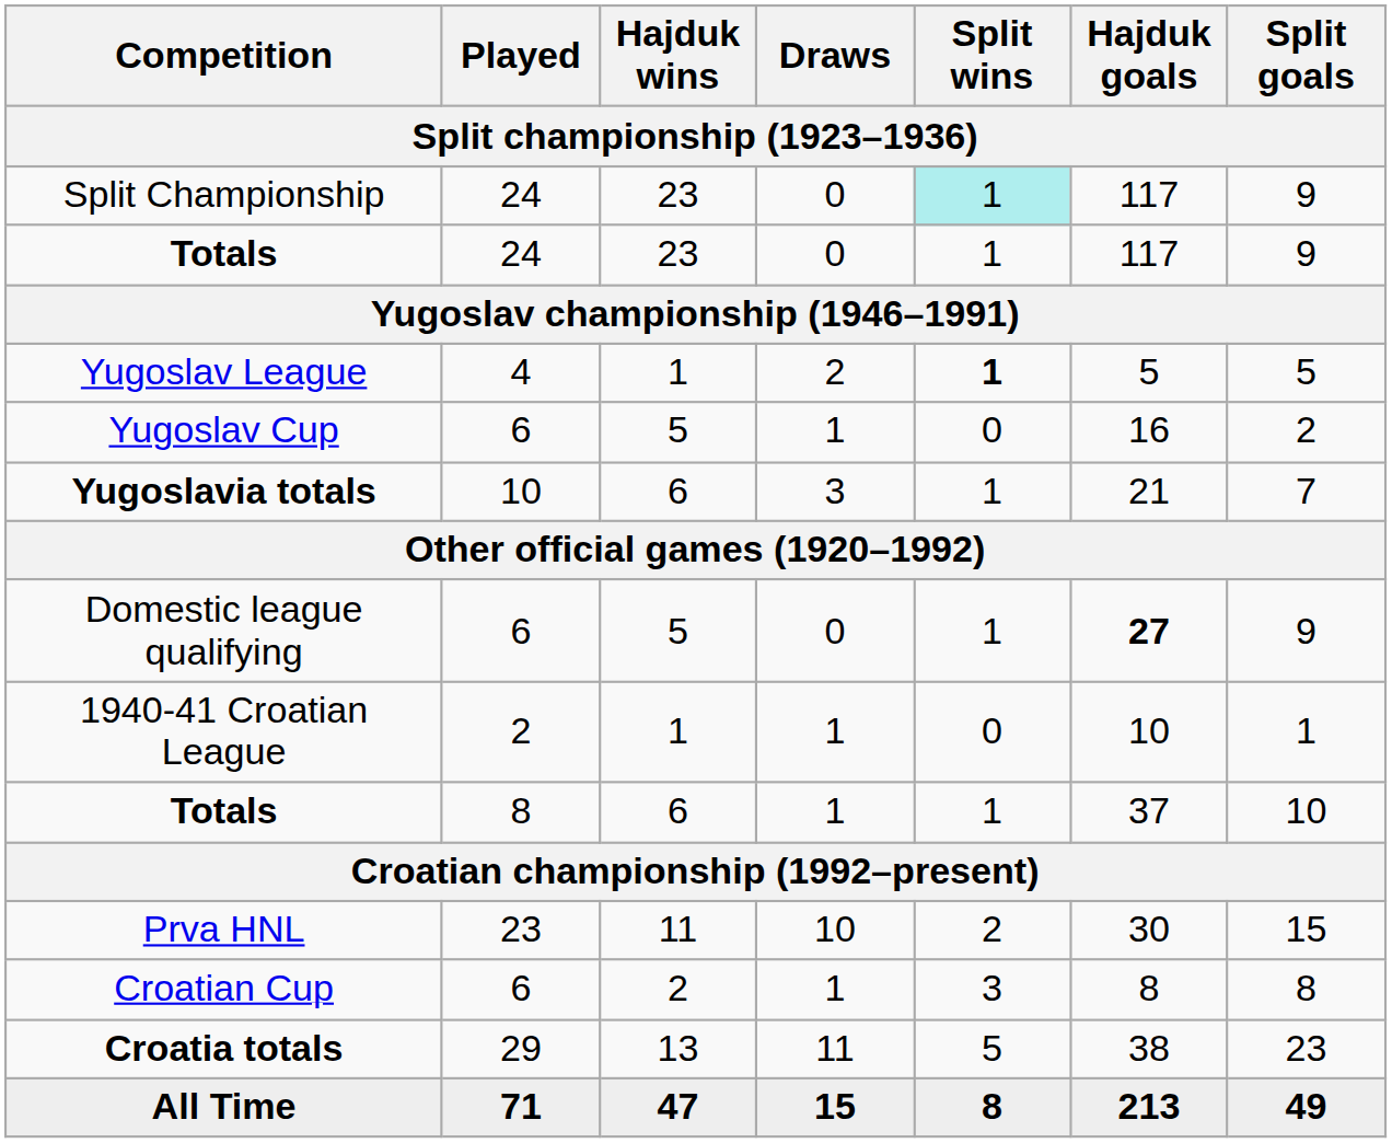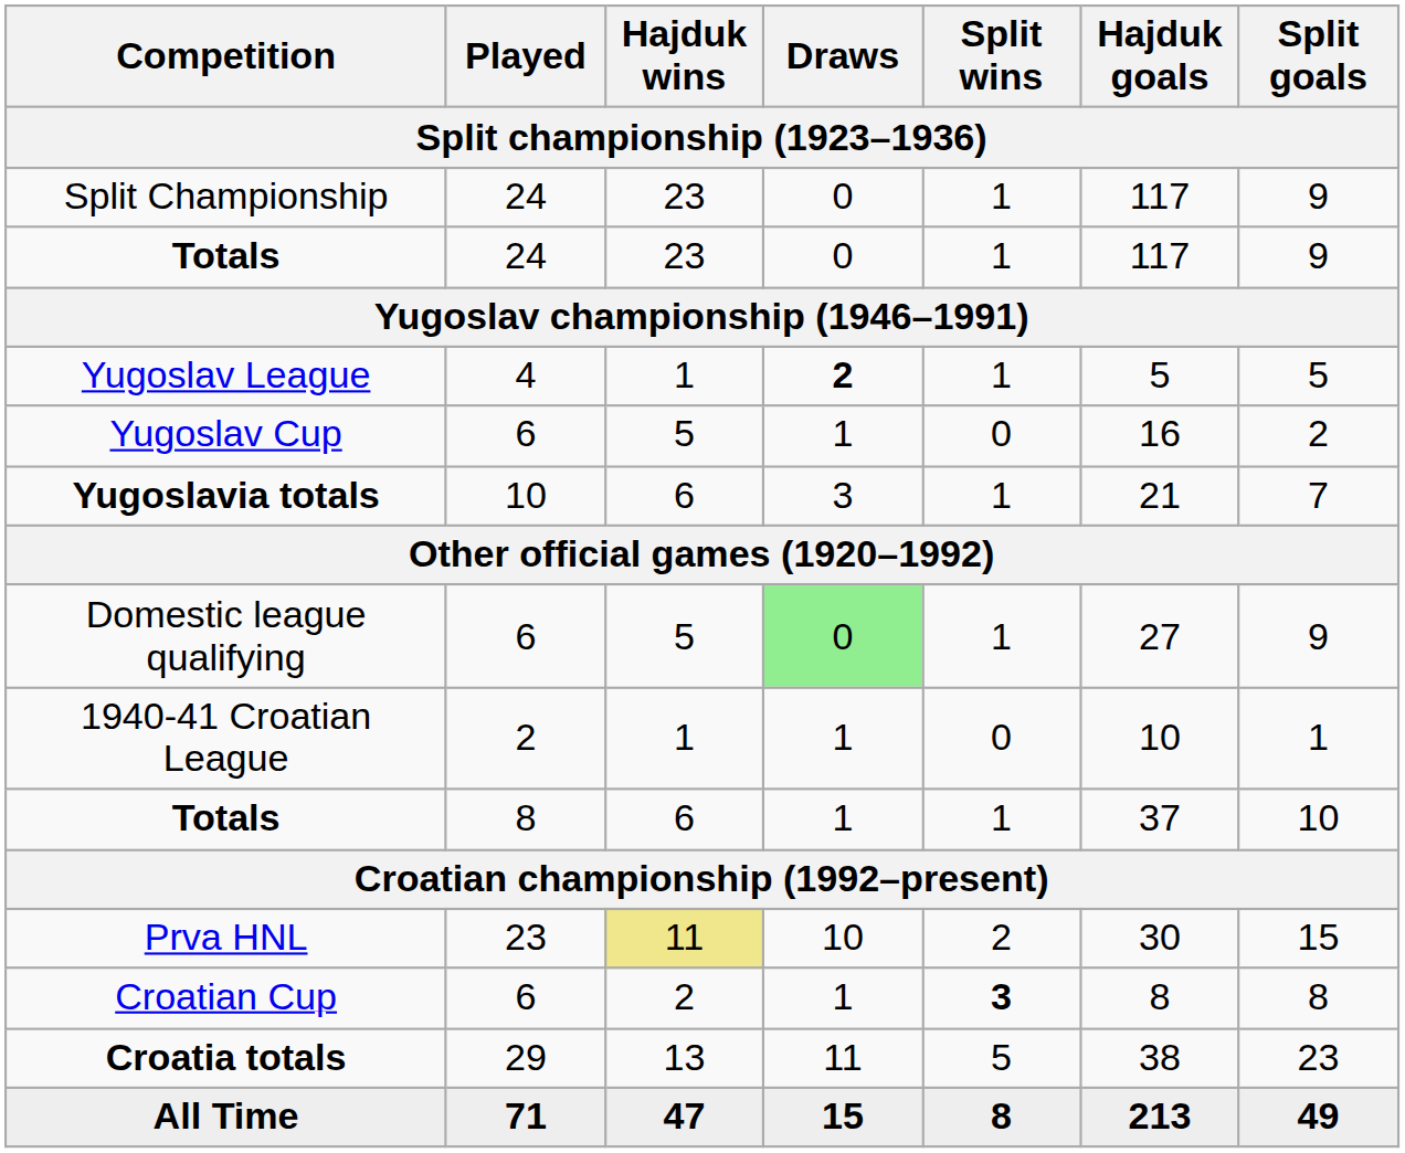 <table class="wikitable" style="text-align: center">
 <tr>
 <th width="180">Competition</th>
 <th width="60">Played</th>
 <th width="60">Hajduk wins</th>
 <th width="60">Draws</th>
 <th width="60">Split wins</th>
 <th width="60">Hajduk goals</th>
 <th width="60">Split goals</th>
 </tr>
 <tr>
 <th colspan="7">Split championship (1923–1936)</th>
 </tr>
 <tr>
 <td>Split Championship</td>
 <td>24</td>
 <td>23</td>
 <td>0</td>
-<td style="background: paleturquoise;">1</td>
+<td>1</td>
 <td>117</td>
 <td>9</td>
 </tr>
 <tr>
 <td><strong>Totals</strong></td>
 <td>24</td>
 <td>23</td>
 <td>0</td>
 <td>1</td>
 <td>117</td>
 <td>9</td>
 </tr>
 <tr>
 <th colspan="7">Yugoslav championship (1946–1991)</th>
 </tr>
 <tr>
 <td><a href='#'>Yugoslav League</a></td>
 <td>4</td>
 <td>1</td>
-<td>2</td>
-<td><strong>1</strong></td>
+<td><strong>2</strong></td>
+<td>1</td>
 <td>5</td>
 <td>5</td>
 </tr>
 <tr>
 <td><a href='#'>Yugoslav Cup</a></td>
 <td>6</td>
 <td>5</td>
 <td>1</td>
 <td>0</td>
 <td>16</td>
 <td>2</td>
 </tr>
 <tr>
 <td><strong>Yugoslavia totals</strong></td>
 <td>10</td>
 <td>6</td>
 <td>3</td>
 <td>1</td>
 <td>21</td>
 <td>7</td>
 </tr>
 <tr>
 <th colspan="7">Other official games (1920–1992)</th>
 </tr>
 <tr>
 <td>Domestic league qualifying</td>
 <td>6</td>
 <td>5</td>
-<td>0</td>
+<td style="background: lightgreen;">0</td>
 <td>1</td>
-<td><strong>27</strong></td>
+<td>27</td>
 <td>9</td>
 </tr>
 <tr>
 <td>1940-41 Croatian League</td>
 <td>2</td>
 <td>1</td>
 <td>1</td>
 <td>0</td>
 <td>10</td>
 <td>1</td>
 </tr>
 <tr>
 <td><strong>Totals</strong></td>
 <td>8</td>
 <td>6</td>
 <td>1</td>
 <td>1</td>
 <td>37</td>
 <td>10</td>
 </tr>
 <tr>
 <th colspan="7">Croatian championship (1992–present)</th>
 </tr>
 <tr>
 <td><a href='#'>Prva HNL</a></td>
 <td>23</td>
-<td>11</td>
+<td style="background: khaki;">11</td>
 <td>10</td>
 <td>2</td>
 <td>30</td>
 <td>15</td>
 </tr>
 <tr>
 <td><a href='#'>Croatian Cup</a></td>
 <td>6</td>
 <td>2</td>
 <td>1</td>
-<td>3</td>
+<td><strong>3</strong></td>
 <td>8</td>
 <td>8</td>
 </tr>
 <tr>
 <td><strong>Croatia totals</strong></td>
 <td>29</td>
 <td>13</td>
 <td>11</td>
 <td>5</td>
 <td>38</td>
 <td>23</td>
 </tr>
 <tr bgcolor=#EEEEEE>
 <td><strong>All Time</strong></td>
 <td><strong>71</strong></td>
 <td><strong>47</strong></td>
 <td><strong>15</strong></td>
 <td><strong>8</strong></td>
 <td><strong>213</strong></td>
 <td><strong>49</strong></td>
 </tr>
 </table>
